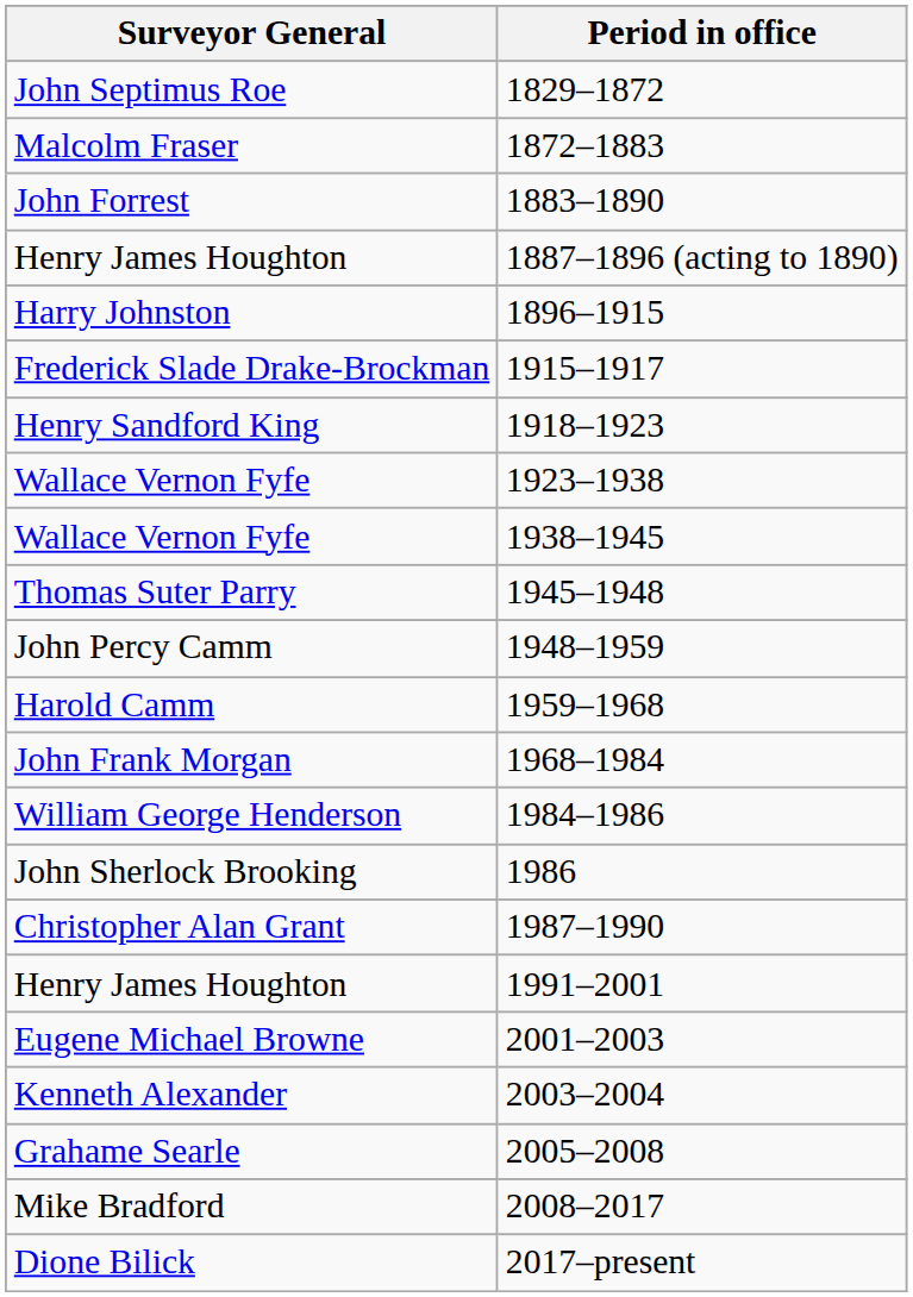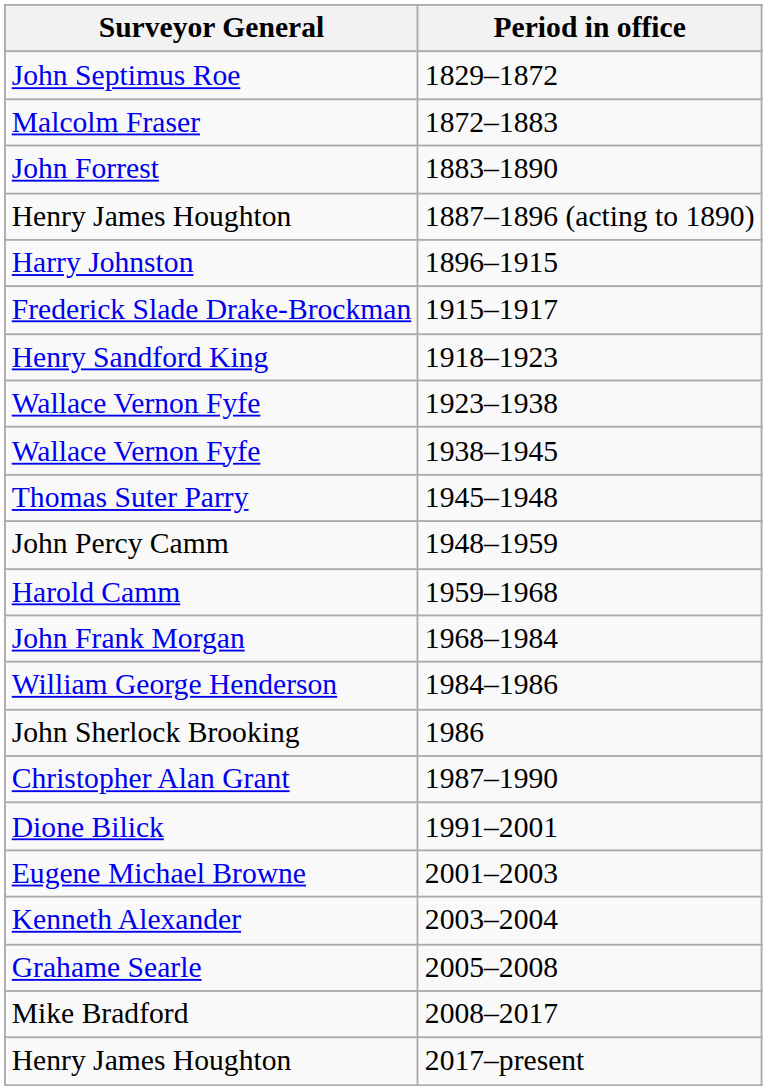 <table class="wikitable">
 <tr>
 <th>Surveyor General</th>
 <th>Period in office</th>
 </tr>
 <tr>
 <td><a href='#'>John Septimus Roe</a></td>
 <td>1829–1872</td>
 </tr>
 <tr>
 <td><a href='#'>Malcolm Fraser</a></td>
 <td>1872–1883</td>
 </tr>
 <tr>
 <td><a href='#'>John Forrest</a></td>
 <td>1883–1890</td>
 </tr>
 <tr>
 <td>Henry James Houghton</td>
 <td>1887–1896 (acting to 1890)</td>
 </tr>
 <tr>
 <td><a href='#'>Harry Johnston</a></td>
 <td>1896–1915</td>
 </tr>
 <tr>
 <td><a href='#'>Frederick Slade Drake-Brockman</a></td>
 <td>1915–1917</td>
 </tr>
 <tr>
 <td><a href='#'>Henry Sandford King</a></td>
 <td>1918–1923</td>
 </tr>
 <tr>
 <td><a href='#'>Wallace Vernon Fyfe</a></td>
 <td>1923–1938</td>
 </tr>
 <tr>
 <td><a href='#'>Wallace Vernon Fyfe</a></td>
 <td>1938–1945</td>
 </tr>
 <tr>
 <td><a href='#'>Thomas Suter Parry</a></td>
 <td>1945–1948</td>
 </tr>
 <tr>
 <td>John Percy Camm</td>
 <td>1948–1959</td>
 </tr>
 <tr>
 <td><a href='#'>Harold Camm</a></td>
 <td>1959–1968</td>
 </tr>
 <tr>
 <td><a href='#'>John Frank Morgan</a></td>
 <td>1968–1984</td>
 </tr>
 <tr>
 <td><a href='#'>William George Henderson</a></td>
 <td>1984–1986</td>
 </tr>
 <tr>
 <td>John Sherlock Brooking</td>
 <td>1986</td>
 </tr>
 <tr>
 <td><a href='#'>Christopher Alan Grant</a></td>
 <td>1987–1990</td>
 </tr>
 <tr>
-<td>Henry James Houghton</td>
+<td><a href='#'>Dione Bilick</a></td>
 <td>1991–2001</td>
 </tr>
 <tr>
 <td><a href='#'>Eugene Michael Browne</a></td>
 <td>2001–2003</td>
 </tr>
 <tr>
 <td><a href='#'>Kenneth Alexander</a></td>
 <td>2003–2004</td>
 </tr>
 <tr>
 <td><a href='#'>Grahame Searle</a></td>
 <td>2005–2008</td>
 </tr>
 <tr>
 <td>Mike Bradford</td>
 <td>2008–2017</td>
 </tr>
 <tr>
-<td><a href='#'>Dione Bilick</a></td>
+<td>Henry James Houghton</td>
 <td>2017–present</td>
 </tr>
 </table>
